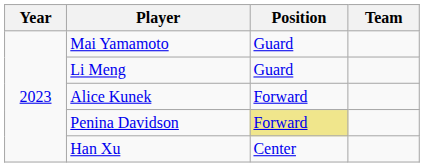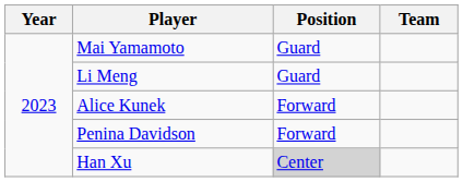 <table class="wikitable" style="width: 25%; text-align:center; font-size:95%">
 <tr>
 <th>Year</th>
 <th>Player</th>
 <th>Position</th>
 <th>Team</th>
 </tr>
 <tr>
 <td rowspan=5><a href='#'>2023</a></td>
 <td align=left><a href='#'>Mai Yamamoto</a></td>
 <td align=left><a href='#'>Guard</a></td>
 <td align=left></td>
 </tr>
 <tr>
 <td align=left><a href='#'>Li Meng</a></td>
 <td align=left><a href='#'>Guard</a></td>
 <td align=left></td>
 </tr>
 <tr>
 <td align=left><a href='#'>Alice Kunek</a></td>
 <td align=left><a href='#'>Forward</a></td>
 <td align=left></td>
 </tr>
 <tr>
 <td align=left><a href='#'>Penina Davidson</a></td>
-<td align=left style="background: khaki;"><a href='#'>Forward</a></td>
+<td align=left><a href='#'>Forward</a></td>
 <td align=left></td>
 </tr>
 <tr>
 <td align=left><a href='#'>Han Xu</a></td>
-<td align=left><a href='#'>Center</a></td>
+<td align=left style="background: lightgrey;"><a href='#'>Center</a></td>
 <td align=left></td>
 </tr>
 </table>
